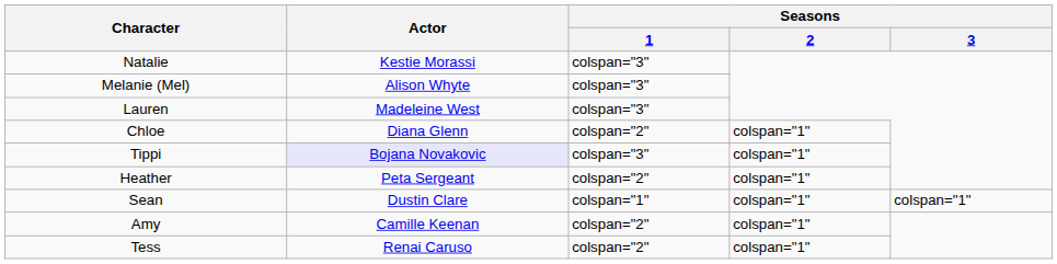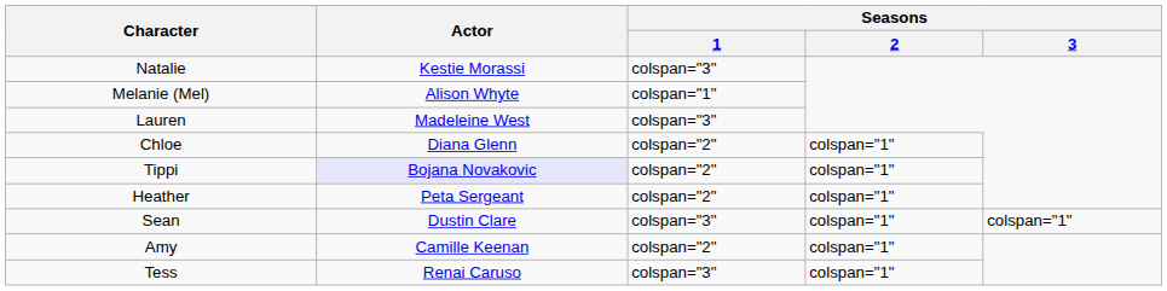 <table class="wikitable plainrowheaders">
 <tr>
 <th scope="col" rowspan="2" style="width:14%;">Character</th>
 <th scope="col" rowspan="2" style="width:14%;">Actor</th>
 <th scope="col" colspan="3">Seasons</th>
 </tr>
 <tr>
 <th scope="col" style="width:8%;"><a href='#'>1</a></th>
 <th scope="col" style="width:8%;"><a href='#'>2</a></th>
 <th scope="col" style="width:8%;"><a href='#'>3</a></th>
 </tr>
 <tr>
 <td style="text-align:center;">Natalie</td>
 <td style="text-align:center;"><a href='#'>Kestie Morassi</a></td>
 <td>colspan="3" </td>
 </tr>
 <tr>
 <td style="text-align:center;">Melanie (Mel)</td>
 <td style="text-align:center;"><a href='#'>Alison Whyte</a></td>
-<td>colspan="3" </td>
+<td>colspan="1" </td>
 </tr>
 <tr>
 <td style="text-align:center;">Lauren</td>
 <td style="text-align:center;"><a href='#'>Madeleine West</a></td>
 <td>colspan="3" </td>
 </tr>
 <tr>
 <td style="text-align:center;">Chloe</td>
 <td style="text-align:center;"><a href='#'>Diana Glenn</a></td>
 <td>colspan="2" </td>
 <td>colspan="1" </td>
 </tr>
 <tr>
 <td style="text-align:center;">Tippi</td>
 <td style="background: lavender; text-align:center;"><a href='#'>Bojana Novakovic</a></td>
-<td>colspan="3" </td>
+<td>colspan="2" </td>
 <td>colspan="1" </td>
 </tr>
 <tr>
 <td style="text-align:center;">Heather</td>
 <td style="text-align:center;"><a href='#'>Peta Sergeant</a></td>
 <td>colspan="2" </td>
 <td>colspan="1" </td>
 </tr>
 <tr>
 <td style="text-align:center;">Sean</td>
 <td style="text-align:center;"><a href='#'>Dustin Clare</a></td>
-<td>colspan="1" </td>
+<td>colspan="3" </td>
 <td>colspan="1" </td>
 <td>colspan="1" </td>
 </tr>
 <tr>
 <td style="text-align:center;">Amy</td>
 <td style="text-align:center;"><a href='#'>Camille Keenan</a></td>
 <td>colspan="2" </td>
 <td>colspan="1" </td>
 </tr>
 <tr>
 <td style="text-align:center;">Tess</td>
 <td style="text-align:center;"><a href='#'>Renai Caruso</a></td>
-<td>colspan="2" </td>
+<td>colspan="3" </td>
 <td>colspan="1" </td>
 </tr>
 </table>
